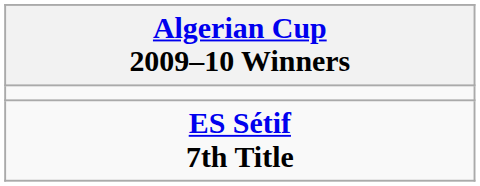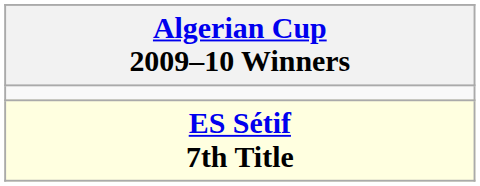 <table class="wikitable" style="text-align: center; margin: 0 auto; width: 20%">
 <tr>
 <th><a href='#'>Algerian Cup</a><br>2009–10 Winners</th>
 </tr>
 <tr>
 <td></td>
 </tr>
 <tr>
-<td><strong><a href='#'>ES Sétif</a></strong><br><strong>7th Title</strong></td>
+<td style="background: lightyellow;"><strong><a href='#'>ES Sétif</a></strong><br><strong>7th Title</strong></td>
 </tr>
 </table>
